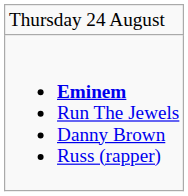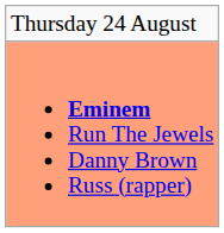 <table class="wikitable">
 <tr>
 <td>Thursday 24 August</td>
 </tr>
 <tr valign="top">
-<td><br><ul><li><strong><a href='#'>Eminem</a></strong></li><li><a href='#'>Run The Jewels</a></li><li><a href='#'>Danny Brown</a></li><li><a href='#'>Russ (rapper)</a></li></ul></td>
+<td style="background: lightsalmon;"><br><ul><li><strong><a href='#'>Eminem</a></strong></li><li><a href='#'>Run The Jewels</a></li><li><a href='#'>Danny Brown</a></li><li><a href='#'>Russ (rapper)</a></li></ul></td>
 </tr>
 </table>
